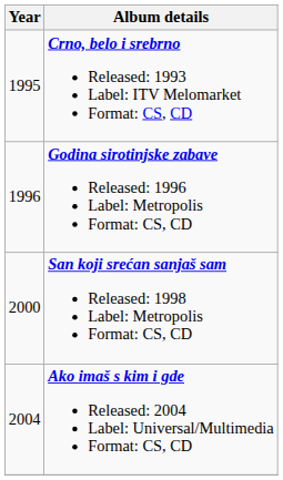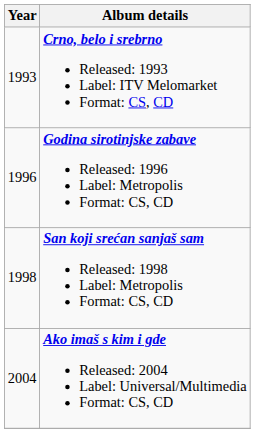 <table class ="wikitable">
 <tr>
 <th>Year</th>
 <th>Album details</th>
 </tr>
 <tr>
-<td align="center" rowspan="1">1995</td>
+<td align="center" rowspan="1">1993</td>
 <td><strong><em><a href='#'>Crno, belo i srebrno</a></em></strong><br><ul><li>Released: 1993</li><li>Label: ITV Melomarket</li><li>Format: <a href='#'>CS</a>, <a href='#'>CD</a></li></ul></td>
 </tr>
 <tr>
 <td align="center" rowspan="1">1996</td>
 <td><strong><em><a href='#'>Godina sirotinjske zabave</a></em></strong><br><ul><li>Released: 1996</li><li>Label: Metropolis</li><li>Format: CS, CD</li></ul></td>
 </tr>
 <tr>
-<td align="center" rowspan="1">2000</td>
+<td align="center" rowspan="1">1998</td>
 <td><strong><em><a href='#'>San koji srećan sanjaš sam</a></em></strong><br><ul><li>Released: 1998</li><li>Label: Metropolis</li><li>Format: CS, CD</li></ul></td>
 </tr>
 <tr>
 <td align="center" rowspan="1">2004</td>
 <td><strong><em><a href='#'>Ako imaš s kim i gde</a></em></strong><br><ul><li>Released: 2004</li><li>Label: Universal/Multimedia</li><li>Format: CS, CD</li></ul></td>
 </tr>
 <tr>
 </tr>
 </table>
